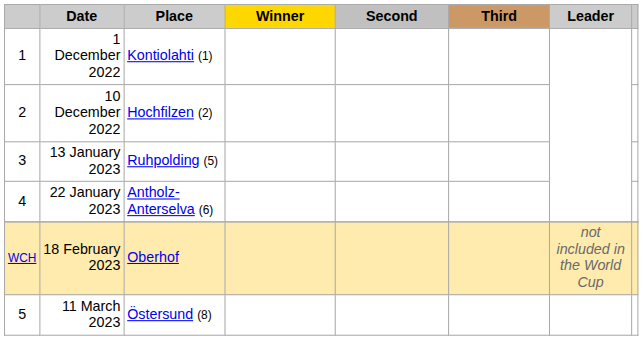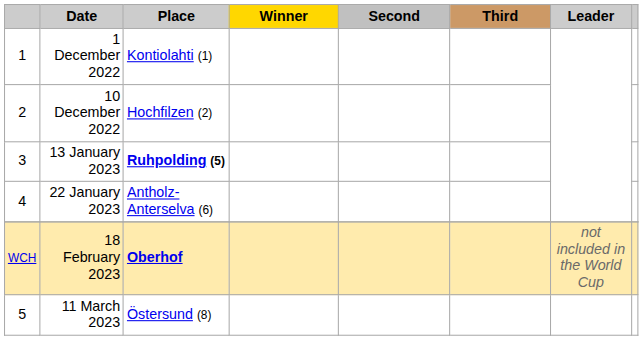 <table class="wikitable plainrowheaders" style="background:#fff; font-size:86%; line-height:16px; border:grey solid 1px; border-collapse:collapse;">
 <tr>
 <th scope="col" style="background:#ccc; width=5 px;"></th>
 <th scope="col" style="background:#ccc; width:100px;">Date</th>
 <th scope="col" style="background:#ccc; width:140px;">Place <br> </th>
 <th scope="col" style="background:gold; width:225px;">Winner</th>
 <th scope="col" style="background:silver; width:225px;">Second</th>
 <th scope="col" style="background:#c96; width:225px;">Third</th>
 <th scope="col" style="background:#ccc; width:120px;">Leader <br> </th>
 <th scope="col" style="background:#ccc; width=5 px;"></th>
 </tr>
 <tr>
 <td align="center">1</td>
 <td align="right">1 December 2022</td>
 <td> <a href='#'>Kontiolahti</a> <small>(1)</small></td>
 <td></td>
 <td></td>
 <td></td>
 <td rowspan=4></td>
 <td></td>
 </tr>
 <tr>
 <td align="center">2</td>
 <td align="right">10 December 2022</td>
 <td> <a href='#'>Hochfilzen</a> <small>(2)</small></td>
 <td></td>
 <td></td>
 <td></td>
 <td></td>
 </tr>
 <tr>
 <td align="center">3</td>
 <td align="right">13 January 2023</td>
-<td> <a href='#'>Ruhpolding</a> <small>(5)</small></td>
+<td><strong> <a href='#'>Ruhpolding</a> <small>(5)</small></strong></td>
 <td></td>
 <td></td>
 <td></td>
 <td></td>
 </tr>
 <tr>
 <td align="center">4</td>
 <td align="right">22 January 2023</td>
 <td> <a href='#'>Antholz-Anterselva</a> <small>(6)</small></td>
 <td></td>
 <td></td>
 <td></td>
 <td></td>
 </tr>
 <tr>
 </tr>
 <tr style="background:#FFEBAD">
 <td align="center"><small><a href='#'>WCH</a></small></td>
 <td align="right">18 February 2023</td>
-<td> <a href='#'>Oberhof</a></td>
+<td><strong> <a href='#'>Oberhof</a></strong></td>
 <td></td>
 <td></td>
 <td></td>
 <td align="center" style=color:#696969><em>not included in the World Cup</em></td>
 <td></td>
 </tr>
 <tr>
 <td align="center">5</td>
 <td align="right">11 March 2023</td>
 <td> <a href='#'>Östersund</a> <small>(8)</small></td>
 <td></td>
 <td></td>
 <td></td>
 <td></td>
 <td></td>
 </tr>
 </table>
